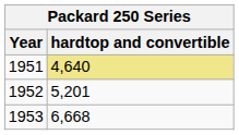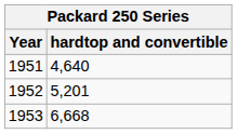 <table class="wikitable">
 <tr>
 <th colspan="2">Packard 250 Series</th>
 </tr>
 <tr>
 <th>Year</th>
 <th>hardtop and convertible</th>
 </tr>
 <tr>
 <td>1951</td>
-<td style="background: khaki;">4,640</td>
+<td>4,640</td>
 </tr>
 <tr>
 <td>1952</td>
 <td>5,201</td>
 </tr>
 <tr>
 <td>1953</td>
 <td>6,668</td>
 </tr>
 </table>
